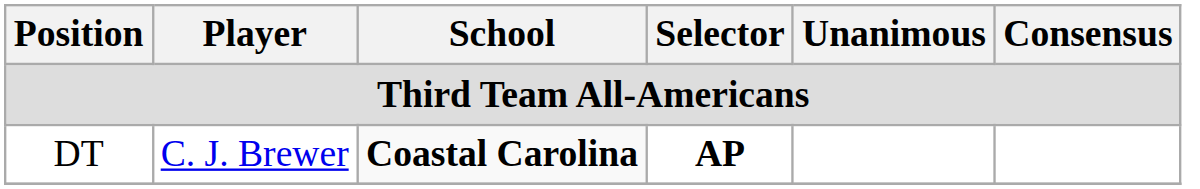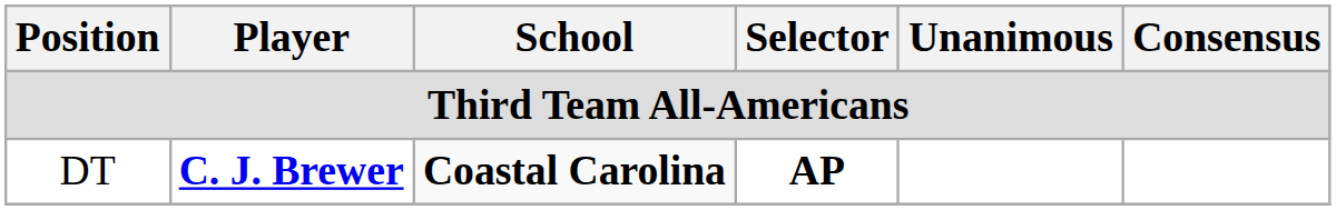 <table class="wikitable">
 <tr>
 <th>Position</th>
 <th>Player</th>
 <th>School</th>
 <th>Selector</th>
 <th>Unanimous</th>
 <th>Consensus</th>
 </tr>
 <tr>
 <td colspan="6" style="text-align:center; background:#ddd;"><strong>Third Team All-Americans</strong></td>
 </tr>
 <tr style="text-align:center;">
 <td style="background:white">DT</td>
-<td style="background:white"><a href='#'>C. J. Brewer</a></td>
+<td style="background:white"><strong><a href='#'>C. J. Brewer</a></strong></td>
 <td style=><strong>Coastal Carolina</strong></td>
 <td style="background:white"><strong>AP</strong></td>
 <td style="background:white"></td>
 <td style="background:white"></td>
 </tr>
 <tr>
 </tr>
 </table>
